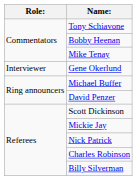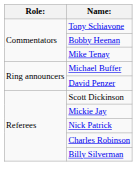 <table class=wikitable style="font-size:90%; margin: 0.5em 0 0.5em 1em; float: right; clear: right;">
 <tr>
 <th>Role:</th>
 <th>Name:</th>
 </tr>
 <tr>
 <td rowspan=3>Commentators</td>
 <td><a href='#'>Tony Schiavone</a></td>
 </tr>
 <tr>
 <td><a href='#'>Bobby Heenan</a></td>
 </tr>
 <tr>
 <td><a href='#'>Mike Tenay</a></td>
-</tr>
-<tr>
-<td>Interviewer</td>
-<td><a href='#'>Gene Okerlund</a></td>
 </tr>
 <tr>
 <td rowspan=2>Ring announcers</td>
 <td><a href='#'>Michael Buffer</a></td>
 </tr>
 <tr>
 <td><a href='#'>David Penzer</a></td>
 </tr>
 <tr>
 <td rowspan=5>Referees</td>
 <td>Scott Dickinson</td>
 </tr>
 <tr>
 <td><a href='#'>Mickie Jay</a></td>
 </tr>
 <tr>
 <td><a href='#'>Nick Patrick</a></td>
 </tr>
 <tr>
 <td><a href='#'>Charles Robinson</a></td>
 </tr>
 <tr>
 <td><a href='#'>Billy Silverman</a></td>
 </tr>
 </table>
